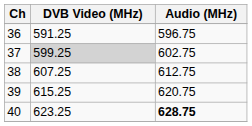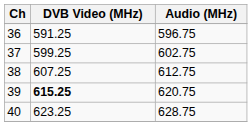 <table class="wikitable" width="25%">
 <tr>
 <th align="right">Ch</th>
 <th>DVB Video (MHz)</th>
 <th>Audio (MHz)</th>
 </tr>
 <tr>
 </tr>
 <tr>
 <td>36</td>
 <td>591.25</td>
 <td>596.75</td>
 </tr>
 <tr>
 <td>37</td>
-<td style="background: lightgrey;">599.25</td>
+<td>599.25</td>
 <td>602.75</td>
 </tr>
 <tr>
 <td>38</td>
 <td>607.25</td>
 <td>612.75</td>
 </tr>
 <tr>
 <td>39</td>
-<td>615.25</td>
+<td><strong>615.25</strong></td>
 <td>620.75</td>
 </tr>
 <tr>
 <td>40</td>
 <td>623.25</td>
-<td><strong>628.75</strong></td>
+<td>628.75</td>
 </tr>
 <tr>
 </tr>
 </table>
